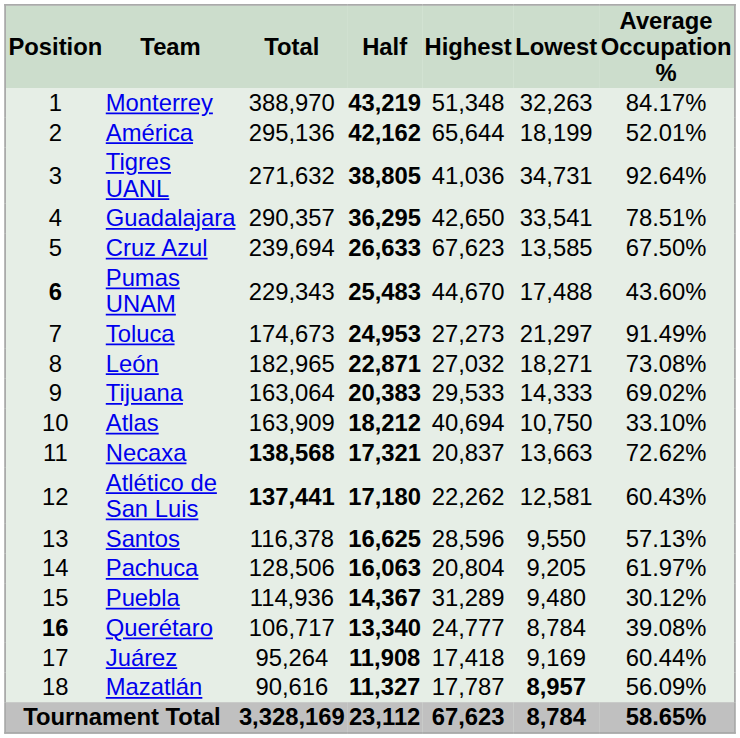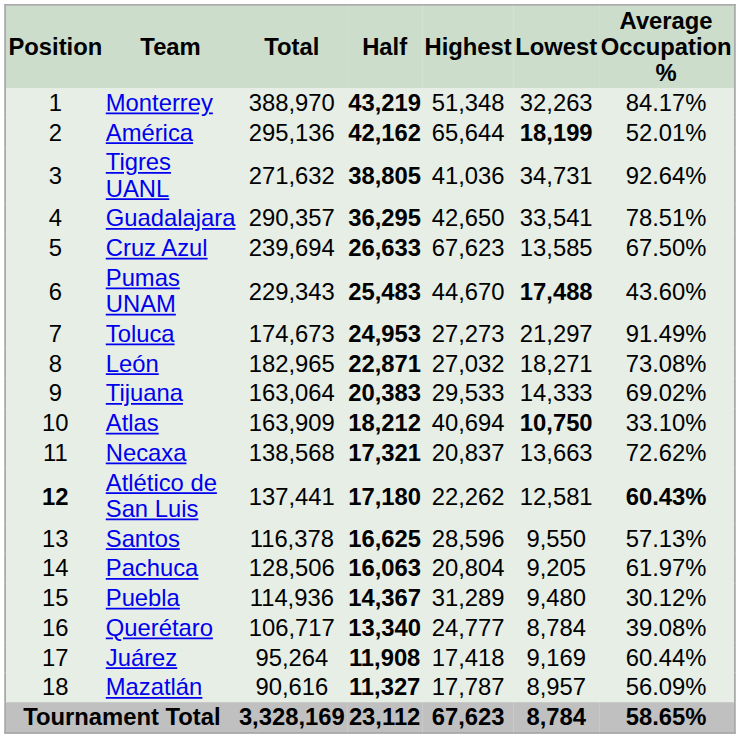 <table class="sortable" style="margin:auto; background: #E6EEE6; border: 1px #aaa solid; border-collapse: collapse; font-size: 85%;" width="60%" cellspacing="0">
 <tr style="color:black;" bgcolor="#ccddcc">
 <th>Position</th>
 <th>Team</th>
 <th>Total</th>
 <th>Half</th>
 <th>Highest</th>
 <th>Lowest</th>
 <th>Average Occupation %</th>
 </tr>
 <tr align="center">
 <td>1</td>
 <td align="left"><a href='#'>Monterrey</a></td>
 <td>388,970</td>
 <td><strong>43,219</strong></td>
 <td>51,348</td>
 <td>32,263</td>
 <td>84.17%</td>
 </tr>
 <tr align="center">
 <td>2</td>
 <td align="left"><a href='#'>América</a></td>
 <td>295,136</td>
 <td><strong>42,162</strong></td>
 <td>65,644</td>
-<td>18,199</td>
+<td><strong>18,199</strong></td>
 <td>52.01%</td>
 </tr>
 <tr align="center">
 <td>3</td>
 <td align="left"><a href='#'>Tigres UANL</a></td>
 <td>271,632</td>
 <td><strong>38,805</strong></td>
 <td>41,036</td>
 <td>34,731</td>
 <td>92.64%</td>
 </tr>
 <tr align="center">
 <td>4</td>
 <td align="left"><a href='#'>Guadalajara</a></td>
 <td>290,357</td>
 <td><strong>36,295</strong></td>
 <td>42,650</td>
 <td>33,541</td>
 <td>78.51%</td>
 </tr>
 <tr align="center">
 <td>5</td>
 <td align="left"><a href='#'>Cruz Azul</a></td>
 <td>239,694</td>
 <td><strong>26,633</strong></td>
 <td>67,623</td>
 <td>13,585</td>
 <td>67.50%</td>
 </tr>
 <tr align="center">
-<td><strong>6</strong></td>
+<td>6</td>
 <td align="left"><a href='#'>Pumas UNAM</a></td>
 <td>229,343</td>
 <td><strong>25,483</strong></td>
 <td>44,670</td>
-<td>17,488</td>
+<td><strong>17,488</strong></td>
 <td>43.60%</td>
 </tr>
 <tr align="center">
 <td>7</td>
 <td align="left"><a href='#'>Toluca</a></td>
 <td>174,673</td>
 <td><strong>24,953</strong></td>
 <td>27,273</td>
 <td>21,297</td>
 <td>91.49%</td>
 </tr>
 <tr align="center">
 <td>8</td>
 <td align="left"><a href='#'>León</a></td>
 <td>182,965</td>
 <td><strong>22,871</strong></td>
 <td>27,032</td>
 <td>18,271</td>
 <td>73.08%</td>
 </tr>
 <tr align="center">
 <td>9</td>
 <td align="left"><a href='#'>Tijuana</a></td>
 <td>163,064</td>
 <td><strong>20,383</strong></td>
 <td>29,533</td>
 <td>14,333</td>
 <td>69.02%</td>
 </tr>
 <tr align="center">
 <td>10</td>
 <td align="left"><a href='#'>Atlas</a></td>
 <td>163,909</td>
 <td><strong>18,212</strong></td>
 <td>40,694</td>
-<td>10,750</td>
+<td><strong>10,750</strong></td>
 <td>33.10%</td>
 </tr>
 <tr align="center">
 <td>11</td>
 <td align="left"><a href='#'>Necaxa</a></td>
-<td><strong>138,568</strong></td>
+<td>138,568</td>
 <td><strong>17,321</strong></td>
 <td>20,837</td>
 <td>13,663</td>
 <td>72.62%</td>
 </tr>
 <tr align="center">
-<td>12</td>
+<td><strong>12</strong></td>
 <td align="left"><a href='#'>Atlético de San Luis</a></td>
-<td><strong>137,441</strong></td>
+<td>137,441</td>
 <td><strong>17,180</strong></td>
 <td>22,262</td>
 <td>12,581</td>
-<td>60.43%</td>
+<td><strong>60.43%</strong></td>
 </tr>
 <tr align="center">
 <td>13</td>
 <td align="left"><a href='#'>Santos</a></td>
 <td>116,378</td>
 <td><strong>16,625</strong></td>
 <td>28,596</td>
 <td>9,550</td>
 <td>57.13%</td>
 </tr>
 <tr align="center">
 <td>14</td>
 <td align="left"><a href='#'>Pachuca</a></td>
 <td>128,506</td>
 <td><strong>16,063</strong></td>
 <td>20,804</td>
 <td>9,205</td>
 <td>61.97%</td>
 </tr>
 <tr align="center">
 <td>15</td>
 <td align="left"><a href='#'>Puebla</a></td>
 <td>114,936</td>
 <td><strong>14,367</strong></td>
 <td>31,289</td>
 <td>9,480</td>
 <td>30.12%</td>
 </tr>
 <tr align="center">
-<td><strong>16</strong></td>
+<td>16</td>
 <td align="left"><a href='#'>Querétaro</a></td>
 <td>106,717</td>
 <td><strong>13,340</strong></td>
 <td>24,777</td>
 <td>8,784</td>
 <td>39.08%</td>
 </tr>
 <tr align="center">
 <td>17</td>
 <td align="left"><a href='#'>Juárez</a></td>
 <td>95,264</td>
 <td><strong>11,908</strong></td>
 <td>17,418</td>
 <td>9,169</td>
 <td>60.44%</td>
 </tr>
 <tr align="center">
 <td>18</td>
 <td align="left"><a href='#'>Mazatlán</a></td>
 <td>90,616</td>
 <td><strong>11,327</strong></td>
 <td>17,787</td>
-<td><strong>8,957</strong></td>
+<td>8,957</td>
 <td>56.09%</td>
 </tr>
 <tr bgcolor="silver" align="center">
 <td colspan="2"><strong>Tournament Total</strong></td>
 <td><strong>3,328,169</strong></td>
 <td><strong>23,112</strong></td>
 <td><strong>67,623</strong></td>
 <td><strong>8,784</strong></td>
 <td><strong>58.65%</strong></td>
 </tr>
 </table>
